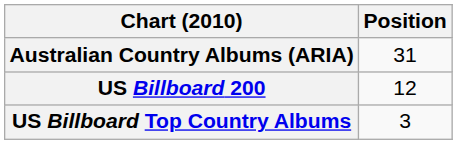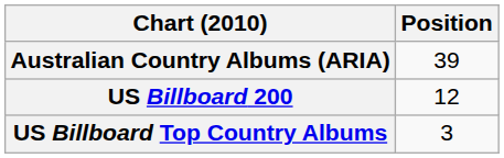 <table class="wikitable sortable plainrowheaders">
 <tr>
 <th>Chart (2010)</th>
 <th>Position</th>
 </tr>
 <tr>
 <th scope="row">Australian Country Albums (ARIA)</th>
-<td style="text-align:center;">31</td>
+<td style="text-align:center;">39</td>
 </tr>
 <tr>
 <th scope="row">US <a href='#'><em>Billboard</em> 200</a></th>
 <td style="text-align:center;">12</td>
 </tr>
 <tr>
 <th scope="row'">US <em>Billboard</em> <a href='#'>Top Country Albums</a></th>
 <td style="text-align:center;">3</td>
 </tr>
 </table>
